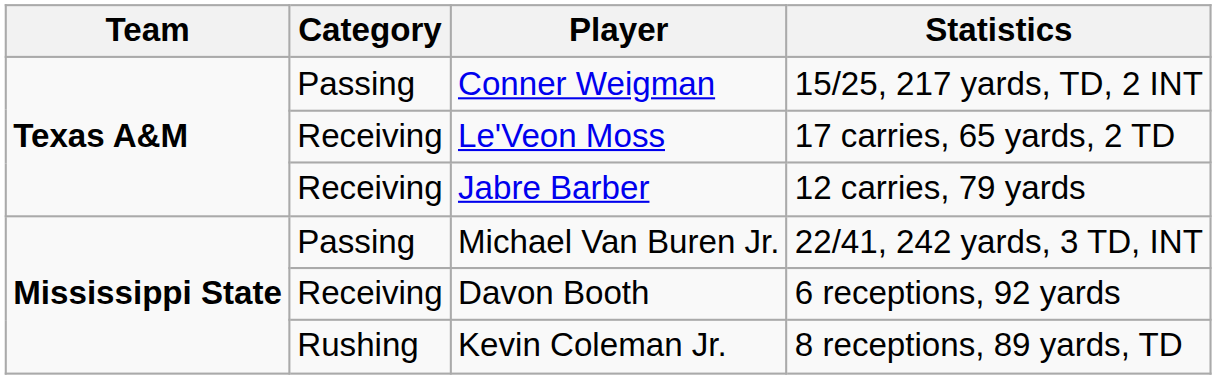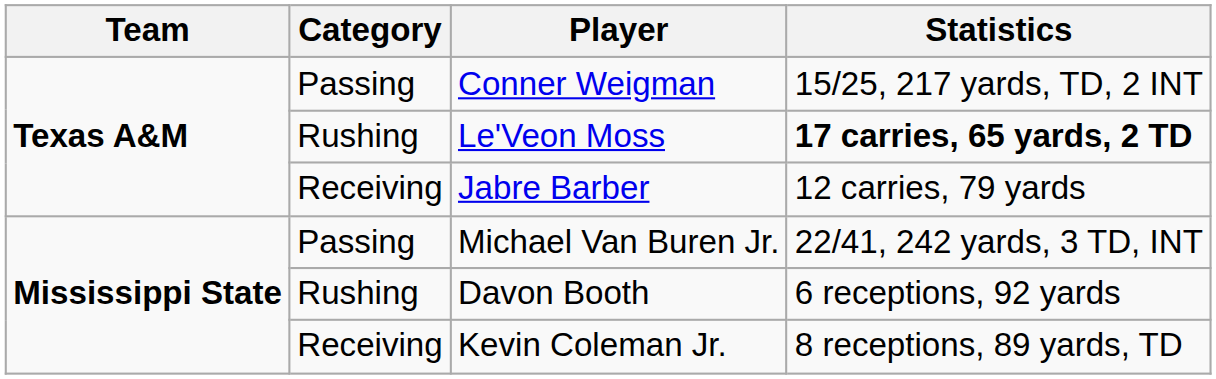 <table class="wikitable" style="float: right;">
 <tr>
 <th>Team</th>
 <th>Category</th>
 <th>Player</th>
 <th>Statistics</th>
 </tr>
 <tr>
 <td rowspan=3><strong>Texas A&M</strong></td>
 <td>Passing</td>
 <td><a href='#'>Conner Weigman</a></td>
 <td>15/25, 217 yards, TD, 2 INT</td>
 </tr>
 <tr>
-<td>Receiving</td>
+<td>Rushing</td>
 <td><a href='#'>Le'Veon Moss</a></td>
-<td>17 carries, 65 yards, 2 TD</td>
+<td><strong>17 carries, 65 yards, 2 TD</strong></td>
 </tr>
 <tr>
 <td>Receiving</td>
 <td><a href='#'>Jabre Barber</a></td>
 <td>12 carries, 79 yards</td>
 </tr>
 <tr>
 <td rowspan=3><strong>Mississippi State</strong></td>
 <td>Passing</td>
 <td>Michael Van Buren Jr.</td>
 <td>22/41, 242 yards, 3 TD, INT</td>
 </tr>
 <tr>
-<td>Receiving</td>
+<td>Rushing</td>
 <td>Davon Booth</td>
 <td>6 receptions, 92 yards</td>
 </tr>
 <tr>
-<td>Rushing</td>
+<td>Receiving</td>
 <td>Kevin Coleman Jr.</td>
 <td>8 receptions, 89 yards, TD</td>
 </tr>
 </table>
